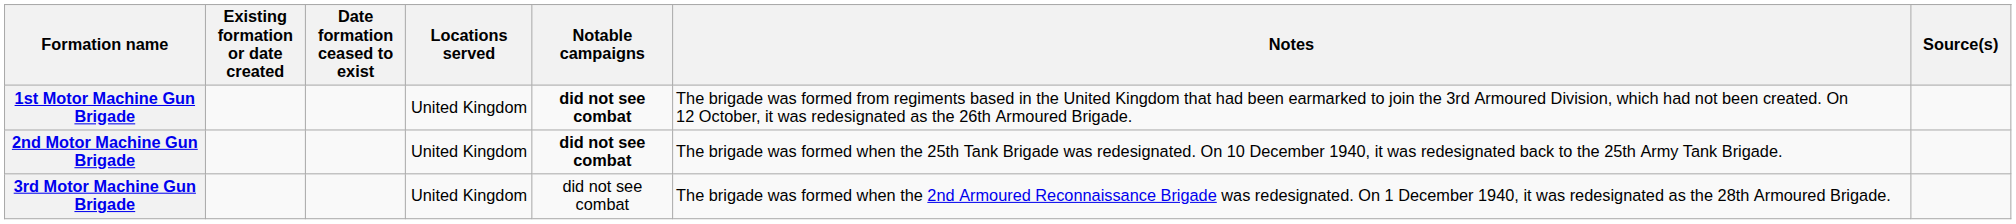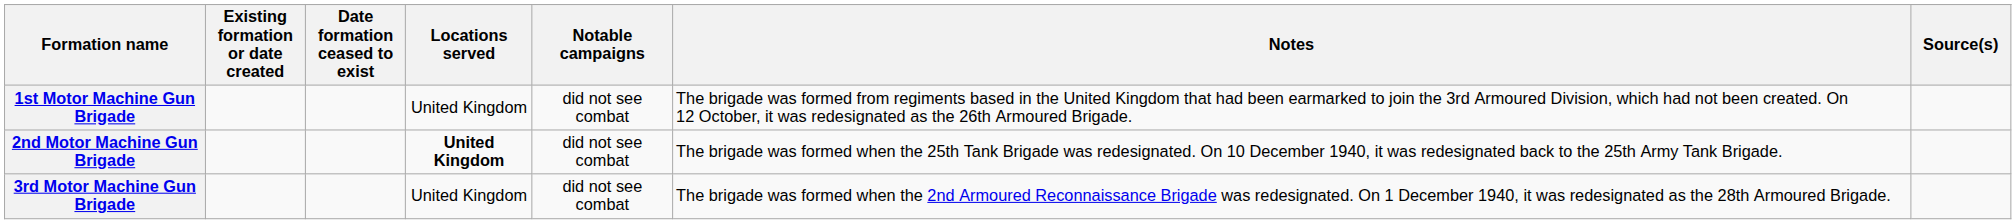 <table class="wikitable sortable plainrowheaders" style="text-align: left; border-spacing: 2px; border: 1px solid darkgray;">
 <tr>
 </tr>
 <tr>
 <th width="10%" scope="col">Formation name</th>
 <th width=5% scope="col">Existing formation or date created</th>
 <th width=5% scope="col">Date formation ceased to exist</th>
 <th class=unsortable !width=15% scope="col">Locations served</th>
 <th class=unsortable !width=20% scope="col">Notable campaigns</th>
 <th class=unsortable !width=40% scope="col">Notes</th>
 <th class=unsortable width=5% scope="col">Source(s)</th>
 </tr>
 <tr>
 <th scope="row" align="center"><a href='#'>1st Motor Machine Gun Brigade</a></th>
 <td align="center"></td>
 <td></td>
 <td align="center">United Kingdom</td>
-<td align="center"><strong>did not see combat</strong></td>
+<td align="center">did not see combat</td>
 <td align="left">The brigade was formed from regiments based in the United Kingdom that had been earmarked to join the 3rd Armoured Division, which had not been created. On 12 October, it was redesignated as the 26th Armoured Brigade.</td>
 <td align="center"></td>
 </tr>
 <tr>
 <th scope="row" align="center"><a href='#'>2nd Motor Machine Gun Brigade</a></th>
 <td align="center"></td>
 <td></td>
-<td align="center">United Kingdom</td>
-<td align="center"><strong>did not see combat</strong></td>
+<td align="center"><strong>United Kingdom</strong></td>
+<td align="center">did not see combat</td>
 <td align="left">The brigade was formed when the 25th Tank Brigade was redesignated. On 10 December 1940, it was redesignated back to the 25th Army Tank Brigade.</td>
 <td align="center"></td>
 </tr>
 <tr>
 <th scope="row" align="center"><a href='#'>3rd Motor Machine Gun Brigade</a></th>
 <td align="center"></td>
 <td></td>
 <td align="center">United Kingdom</td>
 <td align="center">did not see combat</td>
 <td align="left">The brigade was formed when the <a href='#'>2nd Armoured Reconnaissance Brigade</a> was redesignated. On 1 December 1940, it was redesignated as the 28th Armoured Brigade.</td>
 <td align="center"></td>
 </tr>
 </table>
